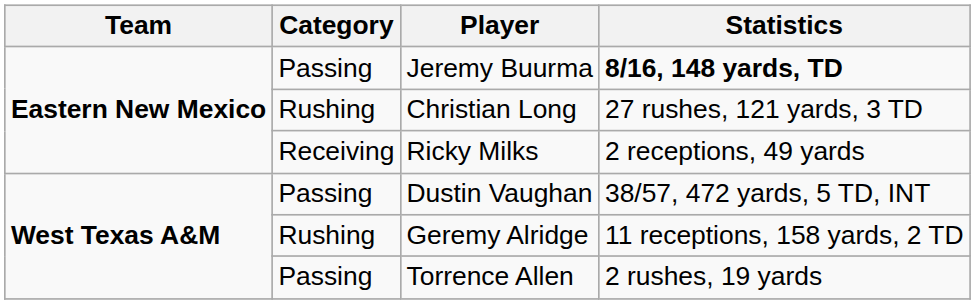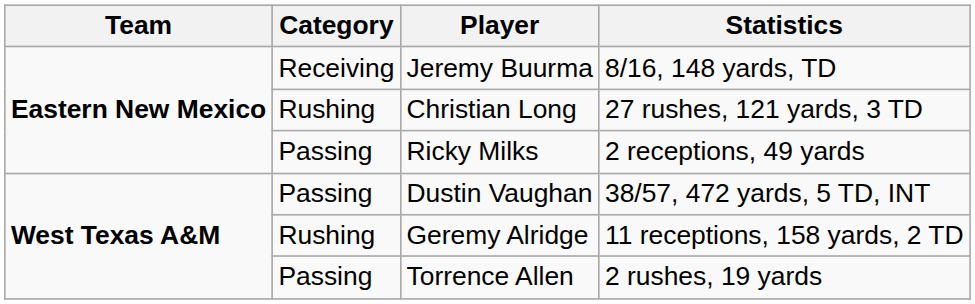 <table class="wikitable" style="float: left;">
 <tr>
 <th>Team</th>
 <th>Category</th>
 <th>Player</th>
 <th>Statistics</th>
 </tr>
 <tr>
 <td rowspan=3><strong>Eastern New Mexico</strong></td>
-<td>Passing</td>
+<td>Receiving</td>
 <td>Jeremy Buurma</td>
-<td><strong>8/16, 148 yards, TD</strong></td>
+<td>8/16, 148 yards, TD</td>
 </tr>
 <tr>
 <td>Rushing</td>
 <td>Christian Long</td>
 <td>27 rushes, 121 yards, 3 TD</td>
 </tr>
 <tr>
-<td>Receiving</td>
+<td>Passing</td>
 <td>Ricky Milks</td>
 <td>2 receptions, 49 yards</td>
 </tr>
 <tr>
 <td rowspan=3><strong>West Texas A&M</strong></td>
 <td>Passing</td>
 <td>Dustin Vaughan</td>
 <td>38/57, 472 yards, 5 TD, INT</td>
 </tr>
 <tr>
 <td>Rushing</td>
 <td>Geremy Alridge</td>
 <td>11 receptions, 158 yards, 2 TD</td>
 </tr>
 <tr>
 <td>Passing</td>
 <td>Torrence Allen</td>
 <td>2 rushes, 19 yards</td>
 </tr>
 </table>
